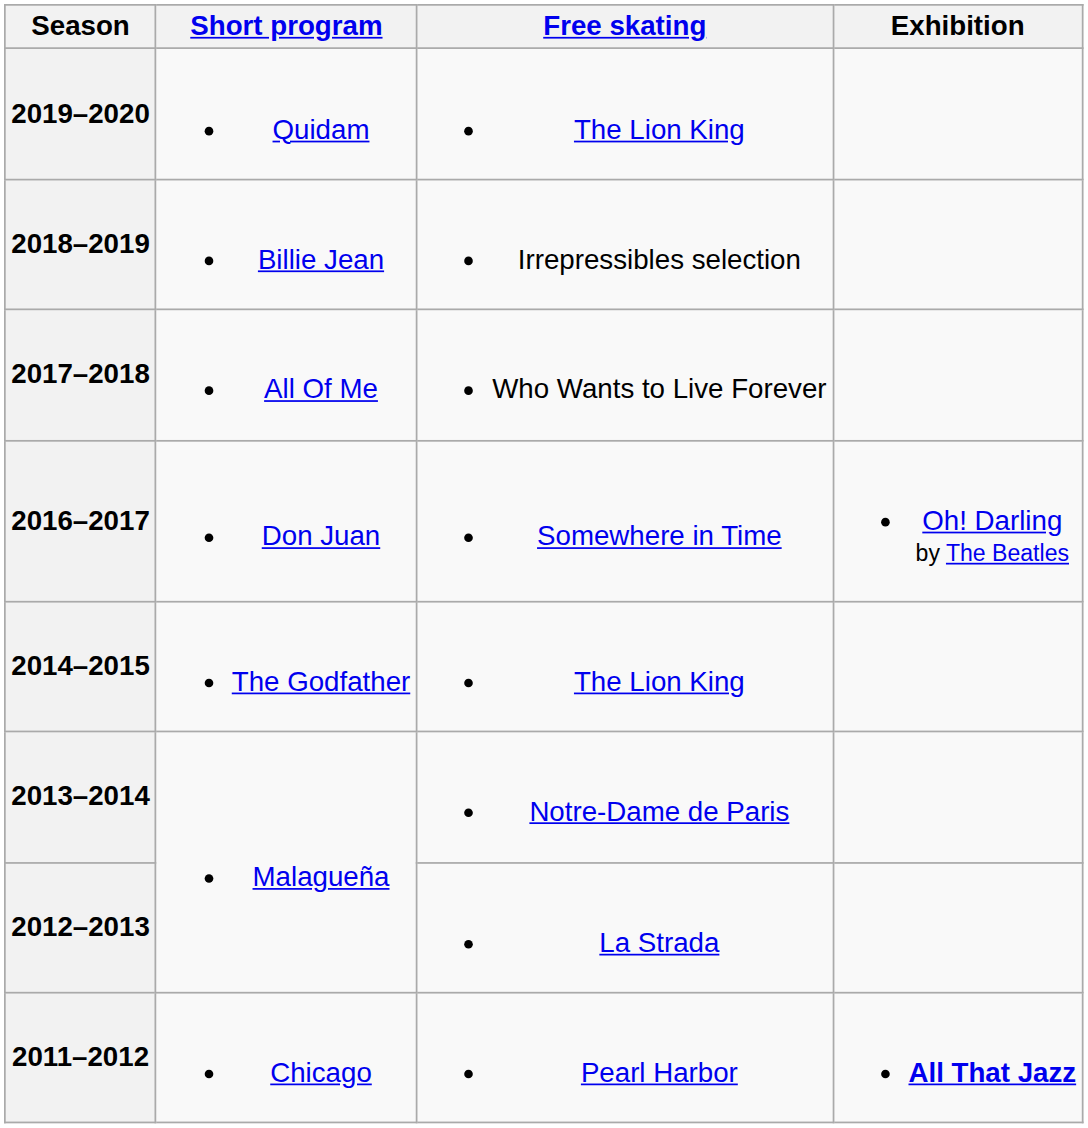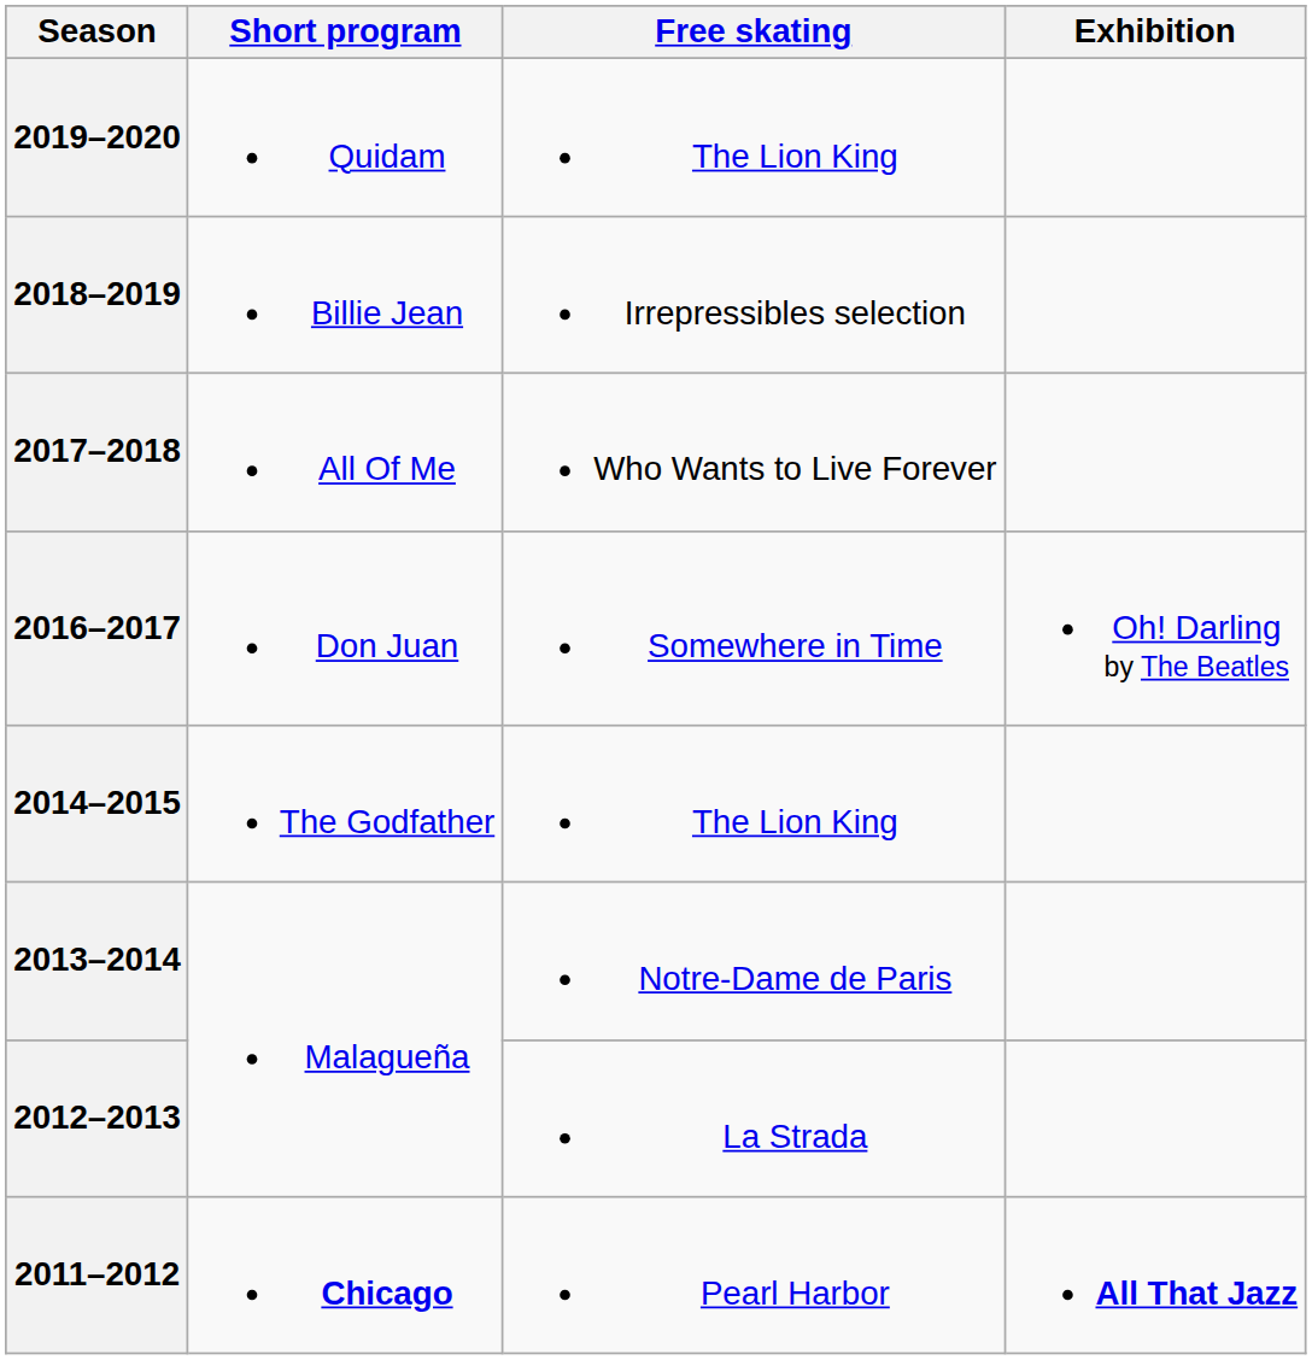 <table class="wikitable" style="text-align:center">
 <tr>
 <th>Season</th>
 <th><a href='#'>Short program</a></th>
 <th><a href='#'>Free skating</a></th>
 <th>Exhibition</th>
 </tr>
 <tr>
 <th>2019–2020 <br></th>
 <td><br><ul><li><a href='#'>Quidam</a> <br> </li></ul></td>
 <td><br><ul><li><a href='#'>The Lion King</a> <br> </li></ul></td>
 <td></td>
 </tr>
 <tr>
 <th>2018–2019 <br></th>
 <td><br><ul><li><a href='#'>Billie Jean</a> <br> </li></ul></td>
 <td><br><ul><li>Irrepressibles selection</li></ul></td>
 <td></td>
 </tr>
 <tr>
 <th>2017–2018 <br> </th>
 <td><br><ul><li><a href='#'>All Of Me</a> <br></li></ul></td>
 <td><br><ul><li>Who Wants to Live Forever <br></li></ul></td>
 <td></td>
 </tr>
 <tr>
 <th>2016–2017 <br> </th>
 <td><br><ul><li><a href='#'>Don Juan</a> <br></li></ul></td>
 <td><br><ul><li><a href='#'>Somewhere in Time</a> <br></li></ul></td>
 <td><br><ul><li><a href='#'>Oh! Darling</a> <br><small>by <a href='#'>The Beatles</a></small></li></ul></td>
 </tr>
 <tr>
 <th>2014–2015 <br> </th>
 <td><br><ul><li><a href='#'>The Godfather</a> <br></li></ul></td>
 <td><br><ul><li><a href='#'>The Lion King</a> <br></li></ul></td>
 <td></td>
 </tr>
 <tr>
 <th>2013–2014 <br> </th>
 <td rowspan=2><br><ul><li><a href='#'>Malagueña</a> <br></li></ul></td>
 <td><br><ul><li><a href='#'>Notre-Dame de Paris</a> <br></li></ul></td>
 <td></td>
 </tr>
 <tr>
 <th>2012–2013 <br> </th>
 <td><br><ul><li><a href='#'>La Strada</a> <br></li></ul></td>
 <td></td>
 </tr>
 <tr>
 <th>2011–2012 <br> </th>
-<td><br><ul><li><a href='#'>Chicago</a></li></ul></td>
+<td><strong><br><ul><li><a href='#'>Chicago</a></li></ul></strong></td>
 <td><br><ul><li><a href='#'>Pearl Harbor</a> <br></li></ul></td>
 <td><strong><br><ul><li><a href='#'>All That Jazz</a> <br></li></ul></strong></td>
 </tr>
 </table>
